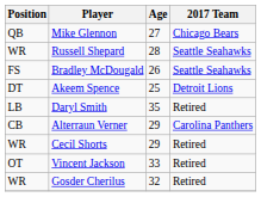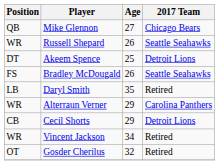 <table class="wikitable" style="font-size: 95%; text-align: left">
 <tr>
 <th>Position</th>
 <th>Player</th>
 <th>Age</th>
 <th>2017 Team</th>
 </tr>
 <tr>
 <td>QB</td>
 <td><a href='#'>Mike Glennon</a></td>
 <td>27</td>
 <td><a href='#'>Chicago Bears</a></td>
 </tr>
 <tr>
 <td>WR</td>
 <td><a href='#'>Russell Shepard</a></td>
-<td>28</td>
-<td><a href='#'>Seattle Seahawks</a></td>
-</tr>
-<tr>
-<td>FS</td>
-<td><a href='#'>Bradley McDougald</a></td>
 <td>26</td>
 <td><a href='#'>Seattle Seahawks</a></td>
 </tr>
 <tr>
 <td>DT</td>
 <td><a href='#'>Akeem Spence</a></td>
 <td>25</td>
 <td><a href='#'>Detroit Lions</a></td>
 </tr>
 <tr>
+<td>FS</td>
+<td><a href='#'>Bradley McDougald</a></td>
+<td>26</td>
+<td><a href='#'>Seattle Seahawks</a></td>
+</tr>
+<tr>
 <td>LB</td>
 <td><a href='#'>Daryl Smith</a></td>
 <td>35</td>
 <td>Retired</td>
 </tr>
 <tr>
-<td>CB</td>
+<td>WR</td>
 <td><a href='#'>Alterraun Verner</a></td>
 <td>29</td>
 <td><a href='#'>Carolina Panthers</a></td>
 </tr>
 <tr>
-<td>WR</td>
+<td>CB</td>
 <td><a href='#'>Cecil Shorts</a></td>
 <td>29</td>
+<td><a href='#'>Detroit Lions</a></td>
+</tr>
+<tr>
+<td>WR</td>
+<td><a href='#'>Vincent Jackson</a></td>
+<td>34</td>
 <td>Retired</td>
 </tr>
 <tr>
 <td>OT</td>
-<td><a href='#'>Vincent Jackson</a></td>
-<td>33</td>
-<td>Retired</td>
-</tr>
-<tr>
-<td>WR</td>
 <td><a href='#'>Gosder Cherilus</a></td>
 <td>32</td>
 <td>Retired</td>
 </tr>
 <tr>
 </tr>
 </table>
